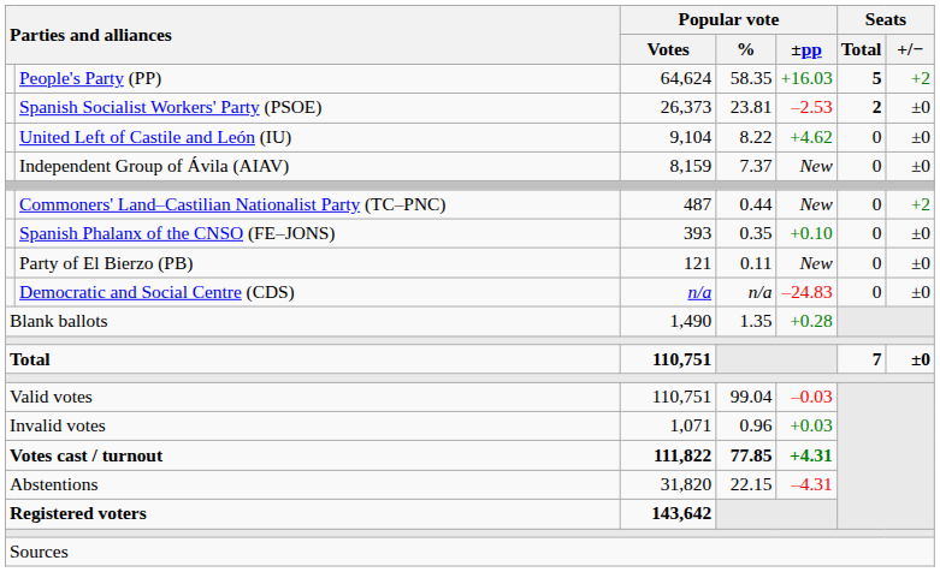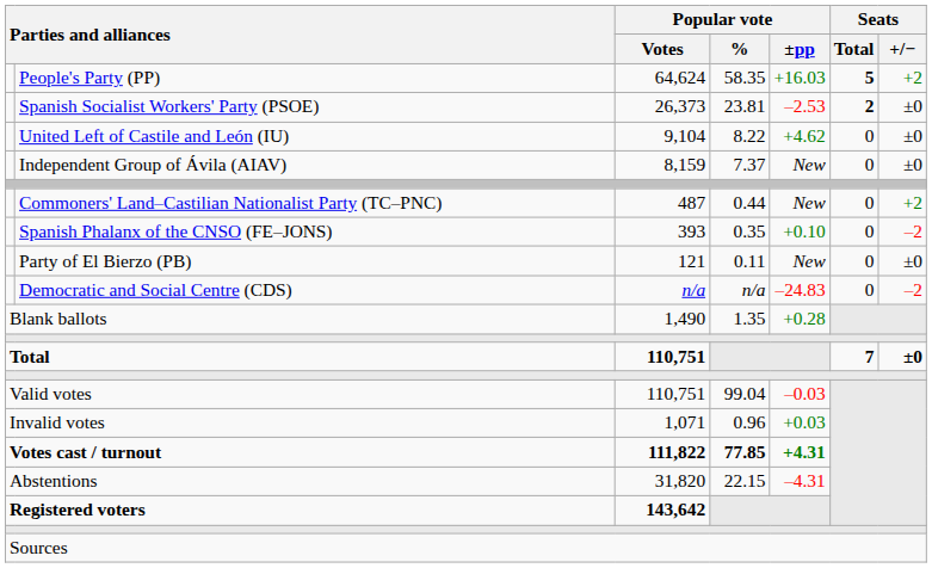 <table class="wikitable" style="text-align:right;">
 <tr>
 <th style="text-align:left;" rowspan="2" colspan="2" width="525">Parties and alliances</th>
 <th colspan="3">Popular vote</th>
 <th colspan="2">Seats</th>
 </tr>
 <tr>
 <th width="75">Votes</th>
 <th width="45">%</th>
 <th width="45">±<a href='#'>pp</a></th>
 <th width="35">Total</th>
 <th width="35">+/−</th>
 </tr>
 <tr>
 <td width="1" style="color:inherit;background:"></td>
 <td align="left"><a href='#'>People's Party</a> (PP)</td>
 <td>64,624</td>
 <td>58.35</td>
 <td style="color:green;">+16.03</td>
 <td><strong>5</strong></td>
 <td style="color:green;">+2</td>
 </tr>
 <tr>
 <td style="color:inherit;background:"></td>
 <td align="left"><a href='#'>Spanish Socialist Workers' Party</a> (PSOE)</td>
 <td>26,373</td>
 <td>23.81</td>
 <td style="color:red;">–2.53</td>
 <td><strong>2</strong></td>
 <td>±0</td>
 </tr>
 <tr>
 <td style="color:inherit;background:"></td>
 <td align="left"><a href='#'>United Left of Castile and León</a> (IU)</td>
 <td>9,104</td>
 <td>8.22</td>
 <td style="color:green;">+4.62</td>
 <td>0</td>
 <td>±0</td>
 </tr>
 <tr>
 <td style="color:inherit;background:"></td>
 <td align="left">Independent Group of Ávila (AIAV)</td>
 <td>8,159</td>
 <td>7.37</td>
 <td><em>New</em></td>
 <td>0</td>
 <td>±0</td>
 </tr>
 <tr>
 <td colspan="7" bgcolor="#C0C0C0"></td>
 </tr>
 <tr>
 <td style="color:inherit;background:"></td>
 <td align="left"><a href='#'>Commoners' Land–Castilian Nationalist Party</a> (TC–PNC)</td>
 <td>487</td>
 <td>0.44</td>
 <td><em>New</em></td>
 <td>0</td>
 <td style="color:green;">+2</td>
 </tr>
 <tr>
 <td style="color:inherit;background:"></td>
 <td align="left"><a href='#'>Spanish Phalanx of the CNSO</a> (FE–JONS)</td>
 <td>393</td>
 <td>0.35</td>
 <td style="color:green;">+0.10</td>
 <td>0</td>
-<td>±0</td>
+<td style="color:red;">–2</td>
 </tr>
 <tr>
 <td style="color:inherit;background:"></td>
 <td align="left">Party of El Bierzo (PB)</td>
 <td>121</td>
 <td>0.11</td>
 <td><em>New</em></td>
 <td>0</td>
 <td>±0</td>
 </tr>
 <tr>
 <td style="color:inherit;background:"></td>
 <td align="left"><a href='#'>Democratic and Social Centre</a> (CDS)</td>
 <td><em><a href='#'>n/a</a></em></td>
 <td><em>n/a</em></td>
 <td style="color:red;">–24.83</td>
 <td>0</td>
-<td>±0</td>
+<td style="color:red;">–2</td>
 </tr>
 <tr>
 <td align="left" colspan="2">Blank ballots</td>
 <td>1,490</td>
 <td>1.35</td>
 <td style="color:green;">+0.28</td>
 <td bgcolor="#E9E9E9" colspan="2"></td>
 </tr>
 <tr>
 <td colspan="7" bgcolor="#E9E9E9"></td>
 </tr>
 <tr style="font-weight:bold;">
 <td align="left" colspan="2">Total</td>
 <td>110,751</td>
 <td bgcolor="#E9E9E9" colspan="2"></td>
 <td>7</td>
 <td>±0</td>
 </tr>
 <tr>
 <td colspan="7" bgcolor="#E9E9E9"></td>
 </tr>
 <tr>
 <td align="left" colspan="2">Valid votes</td>
 <td>110,751</td>
 <td>99.04</td>
 <td style="color:red;">–0.03</td>
 <td bgcolor="#E9E9E9" colspan="2" rowspan="5"></td>
 </tr>
 <tr>
 <td align="left" colspan="2">Invalid votes</td>
 <td>1,071</td>
 <td>0.96</td>
 <td style="color:green;">+0.03</td>
 </tr>
 <tr style="font-weight:bold;">
 <td align="left" colspan="2">Votes cast / turnout</td>
 <td>111,822</td>
 <td>77.85</td>
 <td style="color:green;">+4.31</td>
 </tr>
 <tr>
 <td align="left" colspan="2">Abstentions</td>
 <td>31,820</td>
 <td>22.15</td>
 <td style="color:red;">–4.31</td>
 </tr>
 <tr style="font-weight:bold;">
 <td align="left" colspan="2">Registered voters</td>
 <td>143,642</td>
 <td bgcolor="#E9E9E9" colspan="2"></td>
 </tr>
 <tr>
 <td colspan="7" bgcolor="#E9E9E9"></td>
 </tr>
 <tr>
 <td align="left" colspan="7">Sources</td>
 </tr>
 </table>
